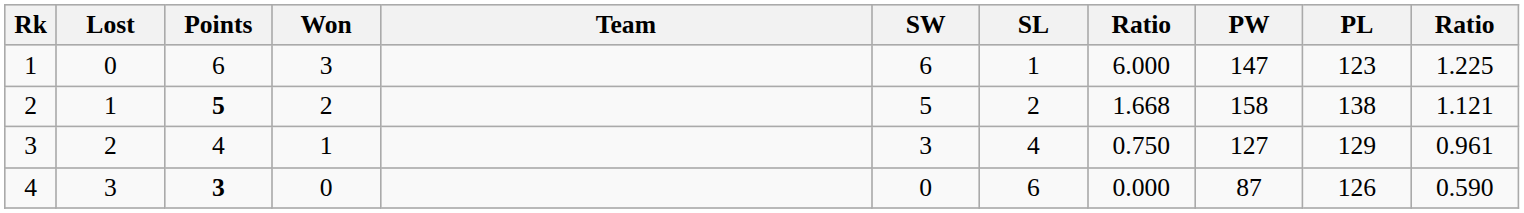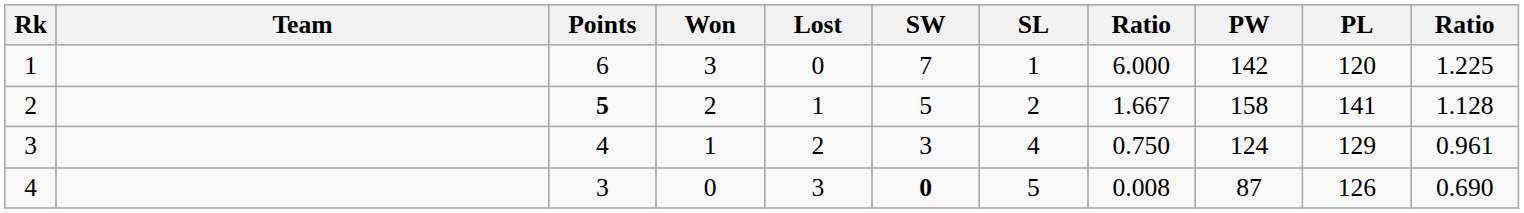 <table class=wikitable style=text-align:center>
 <tr>
 <th width=25>Rk</th>
-<th width=60>Lost</th>
+<th width=300>Team</th>
 <th width=60>Points</th>
 <th width=60>Won</th>
-<th width=300>Team</th>
+<th width=60>Lost</th>
 <th width=60>SW</th>
 <th width=60>SL</th>
 <th width=60>Ratio</th>
 <th width=60>PW</th>
 <th width=60>PL</th>
 <th width=60>Ratio</th>
 </tr>
 <tr>
 <td>1</td>
-<td>0</td>
+<td></td>
 <td>6</td>
 <td>3</td>
-<td></td>
-<td>6</td>
+<td>0</td>
+<td>7</td>
 <td>1</td>
 <td>6.000</td>
-<td>147</td>
-<td>123</td>
+<td>142</td>
+<td>120</td>
 <td>1.225</td>
 </tr>
 <tr>
 <td>2</td>
-<td>1</td>
+<td></td>
 <td><strong>5</strong></td>
 <td>2</td>
-<td></td>
+<td>1</td>
 <td>5</td>
 <td>2</td>
-<td>1.668</td>
+<td>1.667</td>
 <td>158</td>
-<td>138</td>
-<td>1.121</td>
+<td>141</td>
+<td>1.128</td>
 </tr>
 <tr>
 <td>3</td>
-<td>2</td>
+<td></td>
 <td>4</td>
 <td>1</td>
-<td></td>
+<td>2</td>
 <td>3</td>
 <td>4</td>
 <td>0.750</td>
-<td>127</td>
+<td>124</td>
 <td>129</td>
 <td>0.961</td>
 </tr>
 <tr>
 <td>4</td>
+<td></td>
 <td>3</td>
-<td><strong>3</strong></td>
 <td>0</td>
-<td></td>
-<td>0</td>
-<td>6</td>
-<td>0.000</td>
+<td>3</td>
+<td><strong>0</strong></td>
+<td>5</td>
+<td>0.008</td>
 <td>87</td>
 <td>126</td>
-<td>0.590</td>
+<td>0.690</td>
 </tr>
 </table>
